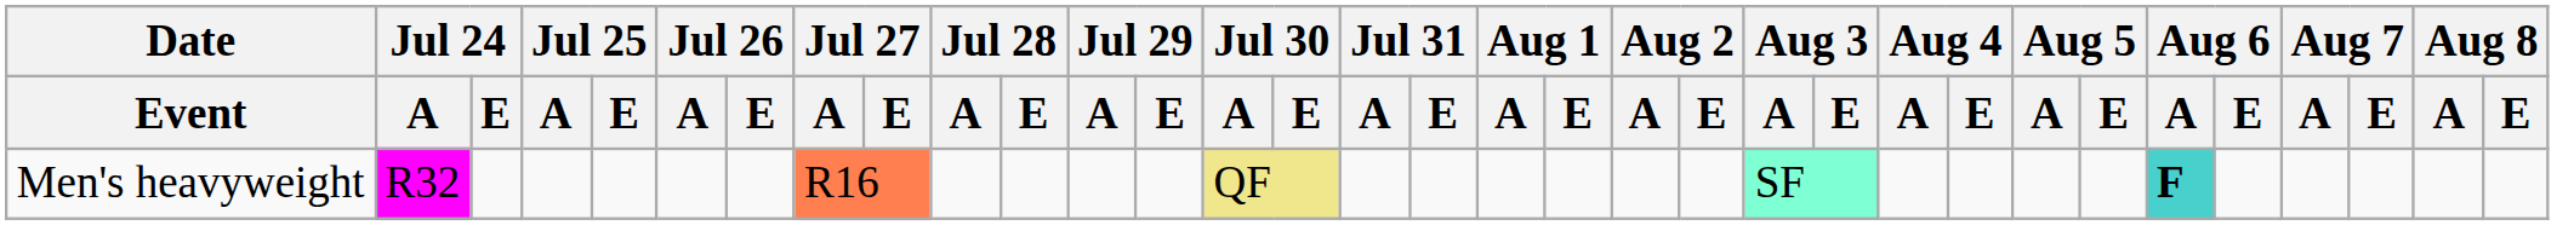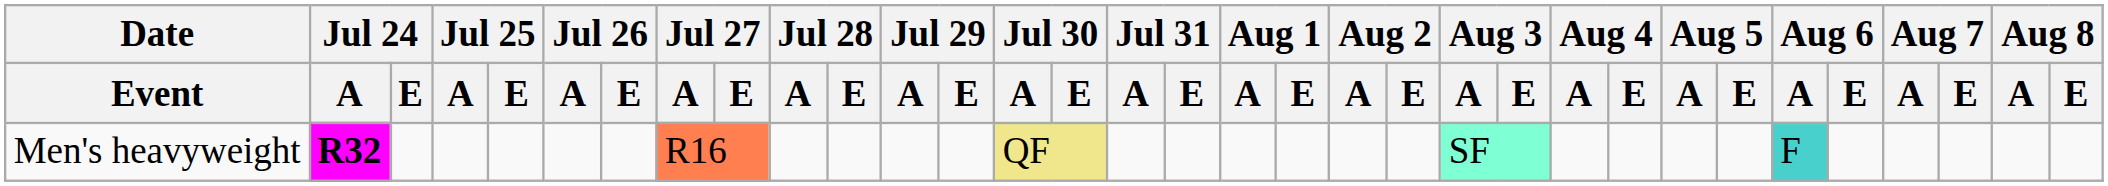 <table class="wikitable olympic-schedule Boxing">
 <tr>
 <th>Date</th>
 <th colspan="2">Jul 24</th>
 <th colspan="2">Jul 25</th>
 <th colspan="2">Jul 26</th>
 <th colspan="2">Jul 27</th>
 <th colspan="2">Jul 28</th>
 <th colspan="2">Jul 29</th>
 <th colspan="2">Jul 30</th>
 <th colspan="2">Jul 31</th>
 <th colspan="2">Aug 1</th>
 <th colspan="2">Aug 2</th>
 <th colspan="2">Aug 3</th>
 <th colspan="2">Aug 4</th>
 <th colspan="2">Aug 5</th>
 <th colspan="2">Aug 6</th>
 <th colspan="2">Aug 7</th>
 <th colspan="2">Aug 8</th>
 </tr>
 <tr>
 <th>Event</th>
 <th>A</th>
 <th>E</th>
 <th>A</th>
 <th>E</th>
 <th>A</th>
 <th>E</th>
 <th>A</th>
 <th>E</th>
 <th>A</th>
 <th>E</th>
 <th>A</th>
 <th>E</th>
 <th>A</th>
 <th>E</th>
 <th>A</th>
 <th>E</th>
 <th>A</th>
 <th>E</th>
 <th>A</th>
 <th>E</th>
 <th>A</th>
 <th>E</th>
 <th>A</th>
 <th>E</th>
 <th>A</th>
 <th>E</th>
 <th>A</th>
 <th>E</th>
 <th>A</th>
 <th>E</th>
 <th>A</th>
 <th>E</th>
 </tr>
 <tr>
 <td class="event">Men's heavyweight</td>
-<td bgcolor="#FF00FF" class="roundof32">R32</td>
+<td bgcolor="#FF00FF" class="roundof32"><strong>R32</strong></td>
 <td></td>
 <td></td>
 <td></td>
 <td></td>
 <td></td>
 <td colspan="2" bgcolor="#FF7F50" class="roundof16">R16</td>
 <td></td>
 <td></td>
 <td></td>
 <td></td>
 <td colspan="2" bgcolor="#F0E68C" class="quarterfinals">QF</td>
 <td></td>
 <td></td>
 <td></td>
 <td></td>
 <td></td>
 <td></td>
 <td colspan="2" bgcolor="#7FFFD4" class="semifinals">SF</td>
 <td></td>
 <td></td>
 <td></td>
 <td></td>
-<td bgcolor="#48D1CC" class="final"><strong>F</strong></td>
+<td bgcolor="#48D1CC" class="final">F</td>
 <td></td>
 <td></td>
 <td></td>
 <td></td>
 <td></td>
 </tr>
 </table>
